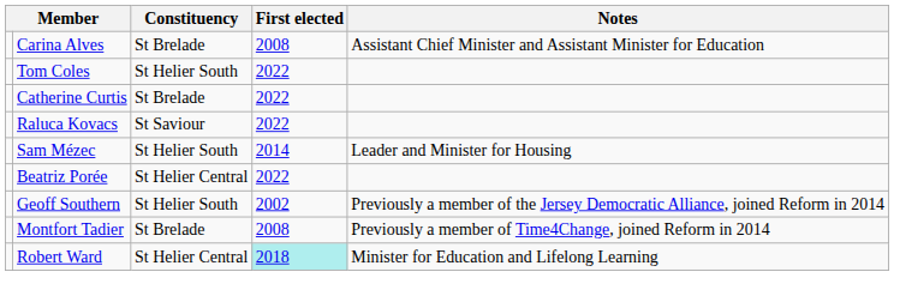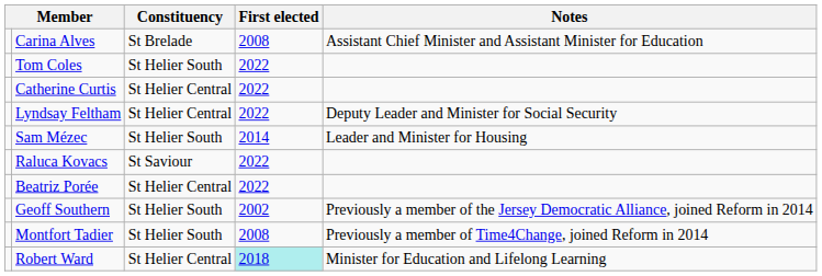 <table class="wikitable sortable">
 <tr>
 <th colspan=2>Member</th>
 <th>Constituency</th>
 <th>First elected</th>
 <th>Notes</th>
 </tr>
 <tr>
 <td style="background-color: "></td>
 <td><a href='#'>Carina Alves</a></td>
 <td>St Brelade</td>
 <td><a href='#'>2008</a></td>
 <td>Assistant Chief Minister and Assistant Minister for Education</td>
 </tr>
 <tr>
 <td style="background-color: "></td>
 <td><a href='#'>Tom Coles</a></td>
 <td>St Helier South</td>
 <td><a href='#'>2022</a></td>
 <td></td>
 </tr>
 <tr>
 <td style="background-color: "></td>
 <td><a href='#'>Catherine Curtis</a></td>
-<td>St Brelade</td>
+<td>St Helier Central</td>
 <td><a href='#'>2022</a></td>
 <td></td>
+</tr>
+<tr>
+<td style="background-color: "></td>
+<td><a href='#'>Lyndsay Feltham</a></td>
+<td>St Helier Central</td>
+<td><a href='#'>2022</a></td>
+<td>Deputy Leader and Minister for Social Security</td>
+</tr>
+<tr>
+<td style="background-color: "></td>
+<td><a href='#'>Sam Mézec</a></td>
+<td>St Helier South</td>
+<td><a href='#'>2014</a></td>
+<td>Leader and Minister for Housing</td>
 </tr>
 <tr>
 <td style="background-color: "></td>
 <td><a href='#'>Raluca Kovacs</a></td>
 <td>St Saviour</td>
 <td><a href='#'>2022</a></td>
 <td></td>
-</tr>
-<tr>
-<td style="background-color: "></td>
-<td><a href='#'>Sam Mézec</a></td>
-<td>St Helier South</td>
-<td><a href='#'>2014</a></td>
-<td>Leader and Minister for Housing</td>
 </tr>
 <tr>
 <td style="background-color: "></td>
 <td><a href='#'>Beatriz Porée</a></td>
 <td>St Helier Central</td>
 <td><a href='#'>2022</a></td>
 <td></td>
 </tr>
 <tr>
 <td style="background-color: "></td>
 <td><a href='#'>Geoff Southern</a></td>
 <td>St Helier South</td>
 <td><a href='#'>2002</a></td>
 <td>Previously a member of the <a href='#'>Jersey Democratic Alliance</a>, joined Reform in 2014</td>
 </tr>
 <tr>
 <td style="background-color: "></td>
 <td><a href='#'>Montfort Tadier</a></td>
-<td>St Brelade</td>
+<td>St Helier South</td>
 <td><a href='#'>2008</a></td>
 <td>Previously a member of <a href='#'>Time4Change</a>, joined Reform in 2014</td>
 </tr>
 <tr>
 <td style="background-color: "></td>
 <td><a href='#'>Robert Ward</a></td>
 <td>St Helier Central</td>
 <td style="background: paleturquoise;"><a href='#'>2018</a></td>
 <td>Minister for Education and Lifelong Learning</td>
 </tr>
 </table>
